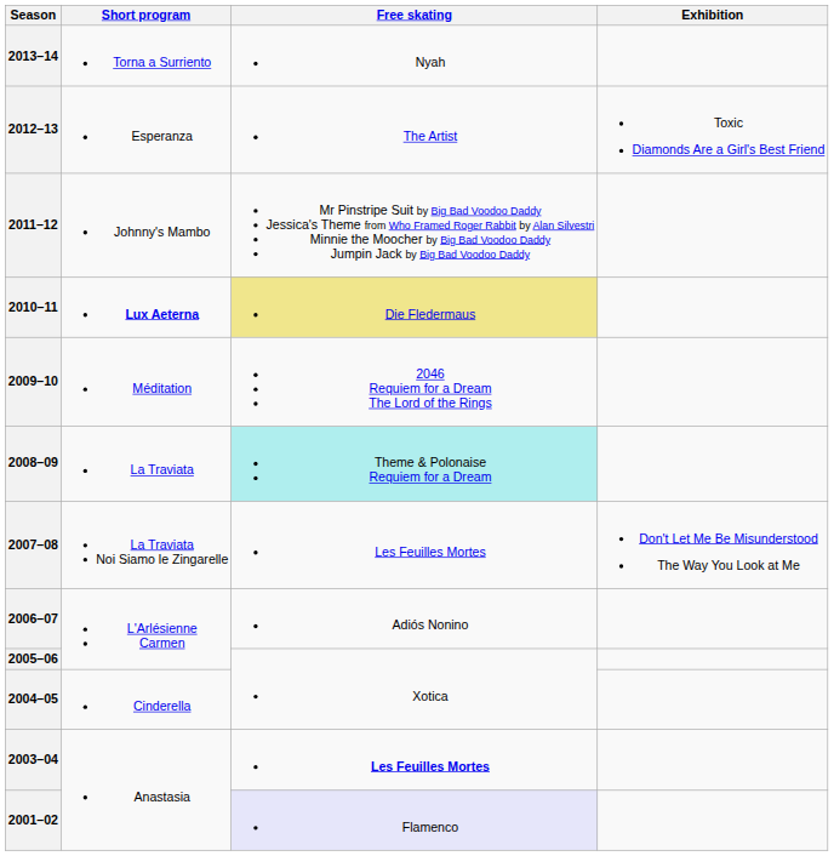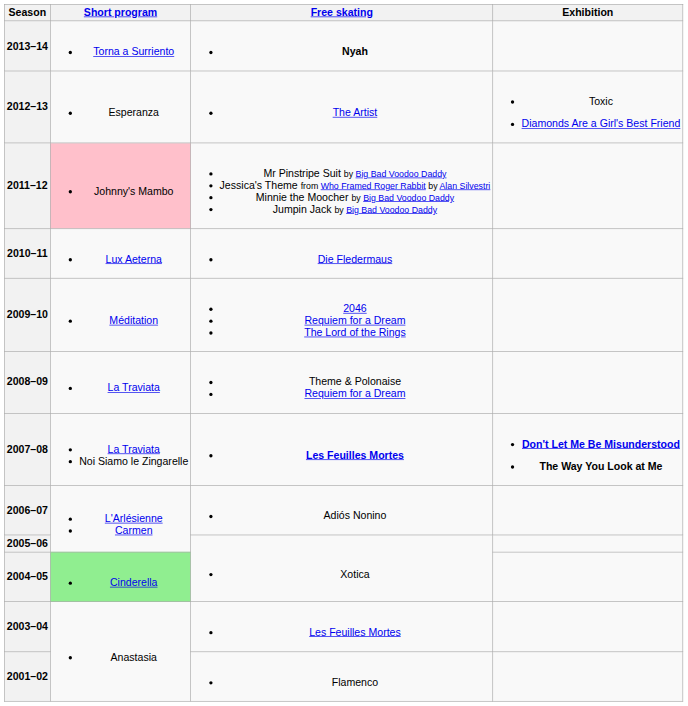 <table class="wikitable" style="text-align:center">
 <tr>
 <th>Season</th>
 <th><a href='#'>Short program</a></th>
 <th><a href='#'>Free skating</a></th>
 <th>Exhibition</th>
 </tr>
 <tr>
 <th>2013–14 <br> </th>
 <td><br><ul><li><a href='#'>Torna a Surriento</a> <br></li></ul></td>
-<td><br><ul><li>Nyah <br></li></ul></td>
+<td><strong><br><ul><li>Nyah <br></li></ul></strong></td>
 <td></td>
 </tr>
 <tr>
 <th>2012–13 <br> </th>
 <td><br><ul><li>Esperanza <br></li></ul></td>
 <td><br><ul><li><a href='#'>The Artist</a> <br></li></ul></td>
 <td><br><ul><li>Toxic <br></li></ul><ul><li><a href='#'>Diamonds Are a Girl's Best Friend</a> <br></li></ul></td>
 </tr>
 <tr>
 <th>2011–12 <br> </th>
-<td><br><ul><li>Johnny's Mambo</li></ul></td>
+<td style="background: pink;"><br><ul><li>Johnny's Mambo</li></ul></td>
 <td><br><ul><li>Mr Pinstripe Suit  <small>by <a href='#'>Big Bad Voodoo Daddy</a></small></li><li>Jessica's Theme <small>from <a href='#'>Who Framed Roger Rabbit</a> by <a href='#'>Alan Silvestri</a></small></li><li>Minnie the Moocher  <small>by <a href='#'>Big Bad Voodoo Daddy</a></small></li><li>Jumpin Jack  <small>by <a href='#'>Big Bad Voodoo Daddy</a></small></li></ul></td>
 <td></td>
 </tr>
 <tr>
 <th>2010–11 <br> </th>
-<td><strong><br><ul><li><a href='#'>Lux Aeterna</a> <br></li></ul></strong></td>
-<td style="background: khaki;"><br><ul><li><a href='#'>Die Fledermaus</a> <br></li></ul></td>
+<td><br><ul><li><a href='#'>Lux Aeterna</a> <br></li></ul></td>
+<td><br><ul><li><a href='#'>Die Fledermaus</a> <br></li></ul></td>
 <td></td>
 </tr>
 <tr>
 <th>2009–10 <br> </th>
 <td><br><ul><li><a href='#'>Méditation</a> <br></li></ul></td>
 <td><br><ul><li><a href='#'>2046</a> <br></li><li><a href='#'>Requiem for a Dream</a> <br></li><li><a href='#'>The Lord of the Rings</a> <br></li></ul></td>
 <td></td>
 </tr>
 <tr>
 <th>2008–09 <br> </th>
 <td><br><ul><li><a href='#'>La Traviata</a><br></li></ul></td>
-<td style="background: paleturquoise;"><br><ul><li>Theme & Polonaise <br></li><li><a href='#'>Requiem for a Dream</a> <br></li></ul></td>
+<td><br><ul><li>Theme & Polonaise <br></li><li><a href='#'>Requiem for a Dream</a> <br></li></ul></td>
 <td></td>
 </tr>
 <tr>
 <th>2007–08 <br> </th>
 <td><br><ul><li><a href='#'>La Traviata</a> <br></li><li>Noi Siamo le Zingarelle <br></li></ul></td>
-<td><br><ul><li><a href='#'>Les Feuilles Mortes</a> <br></li></ul></td>
-<td><br><ul><li><a href='#'>Don't Let Me Be Misunderstood</a> <br></li></ul><ul><li>The Way You Look at Me <br></li></ul></td>
+<td><strong><br><ul><li><a href='#'>Les Feuilles Mortes</a> <br></li></ul></strong></td>
+<td><strong><br><ul><li><a href='#'>Don't Let Me Be Misunderstood</a> <br></li></ul><ul><li>The Way You Look at Me <br></li></ul></strong></td>
 </tr>
 <tr>
 <th>2006–07 <br> </th>
 <td rowspan=2><br><ul><li><a href='#'>L'Arlésienne</a></li><li><a href='#'>Carmen</a> <br></li></ul></td>
 <td><br><ul><li>Adiós Nonino <br></li></ul></td>
 <td></td>
 </tr>
 <tr>
 <th>2005–06 <br> </th>
 <td rowspan=2><br><ul><li>Xotica <br></li></ul></td>
 <td></td>
 </tr>
 <tr>
 <th>2004–05 <br> </th>
-<td><br><ul><li><a href='#'>Cinderella</a> <br></li></ul></td>
+<td style="background: lightgreen;"><br><ul><li><a href='#'>Cinderella</a> <br></li></ul></td>
 <td></td>
 </tr>
 <tr>
 <th>2003–04 <br> </th>
 <td rowspan=2><br><ul><li>Anastasia <br></li></ul></td>
-<td><strong><br><ul><li><a href='#'>Les Feuilles Mortes</a> <br></li></ul></strong></td>
+<td><br><ul><li><a href='#'>Les Feuilles Mortes</a> <br></li></ul></td>
 <td></td>
 </tr>
 <tr>
 <th>2001–02 <br> </th>
-<td style="background: lavender;"><br><ul><li>Flamenco</li></ul></td>
+<td><br><ul><li>Flamenco</li></ul></td>
 <td></td>
 </tr>
 </table>
